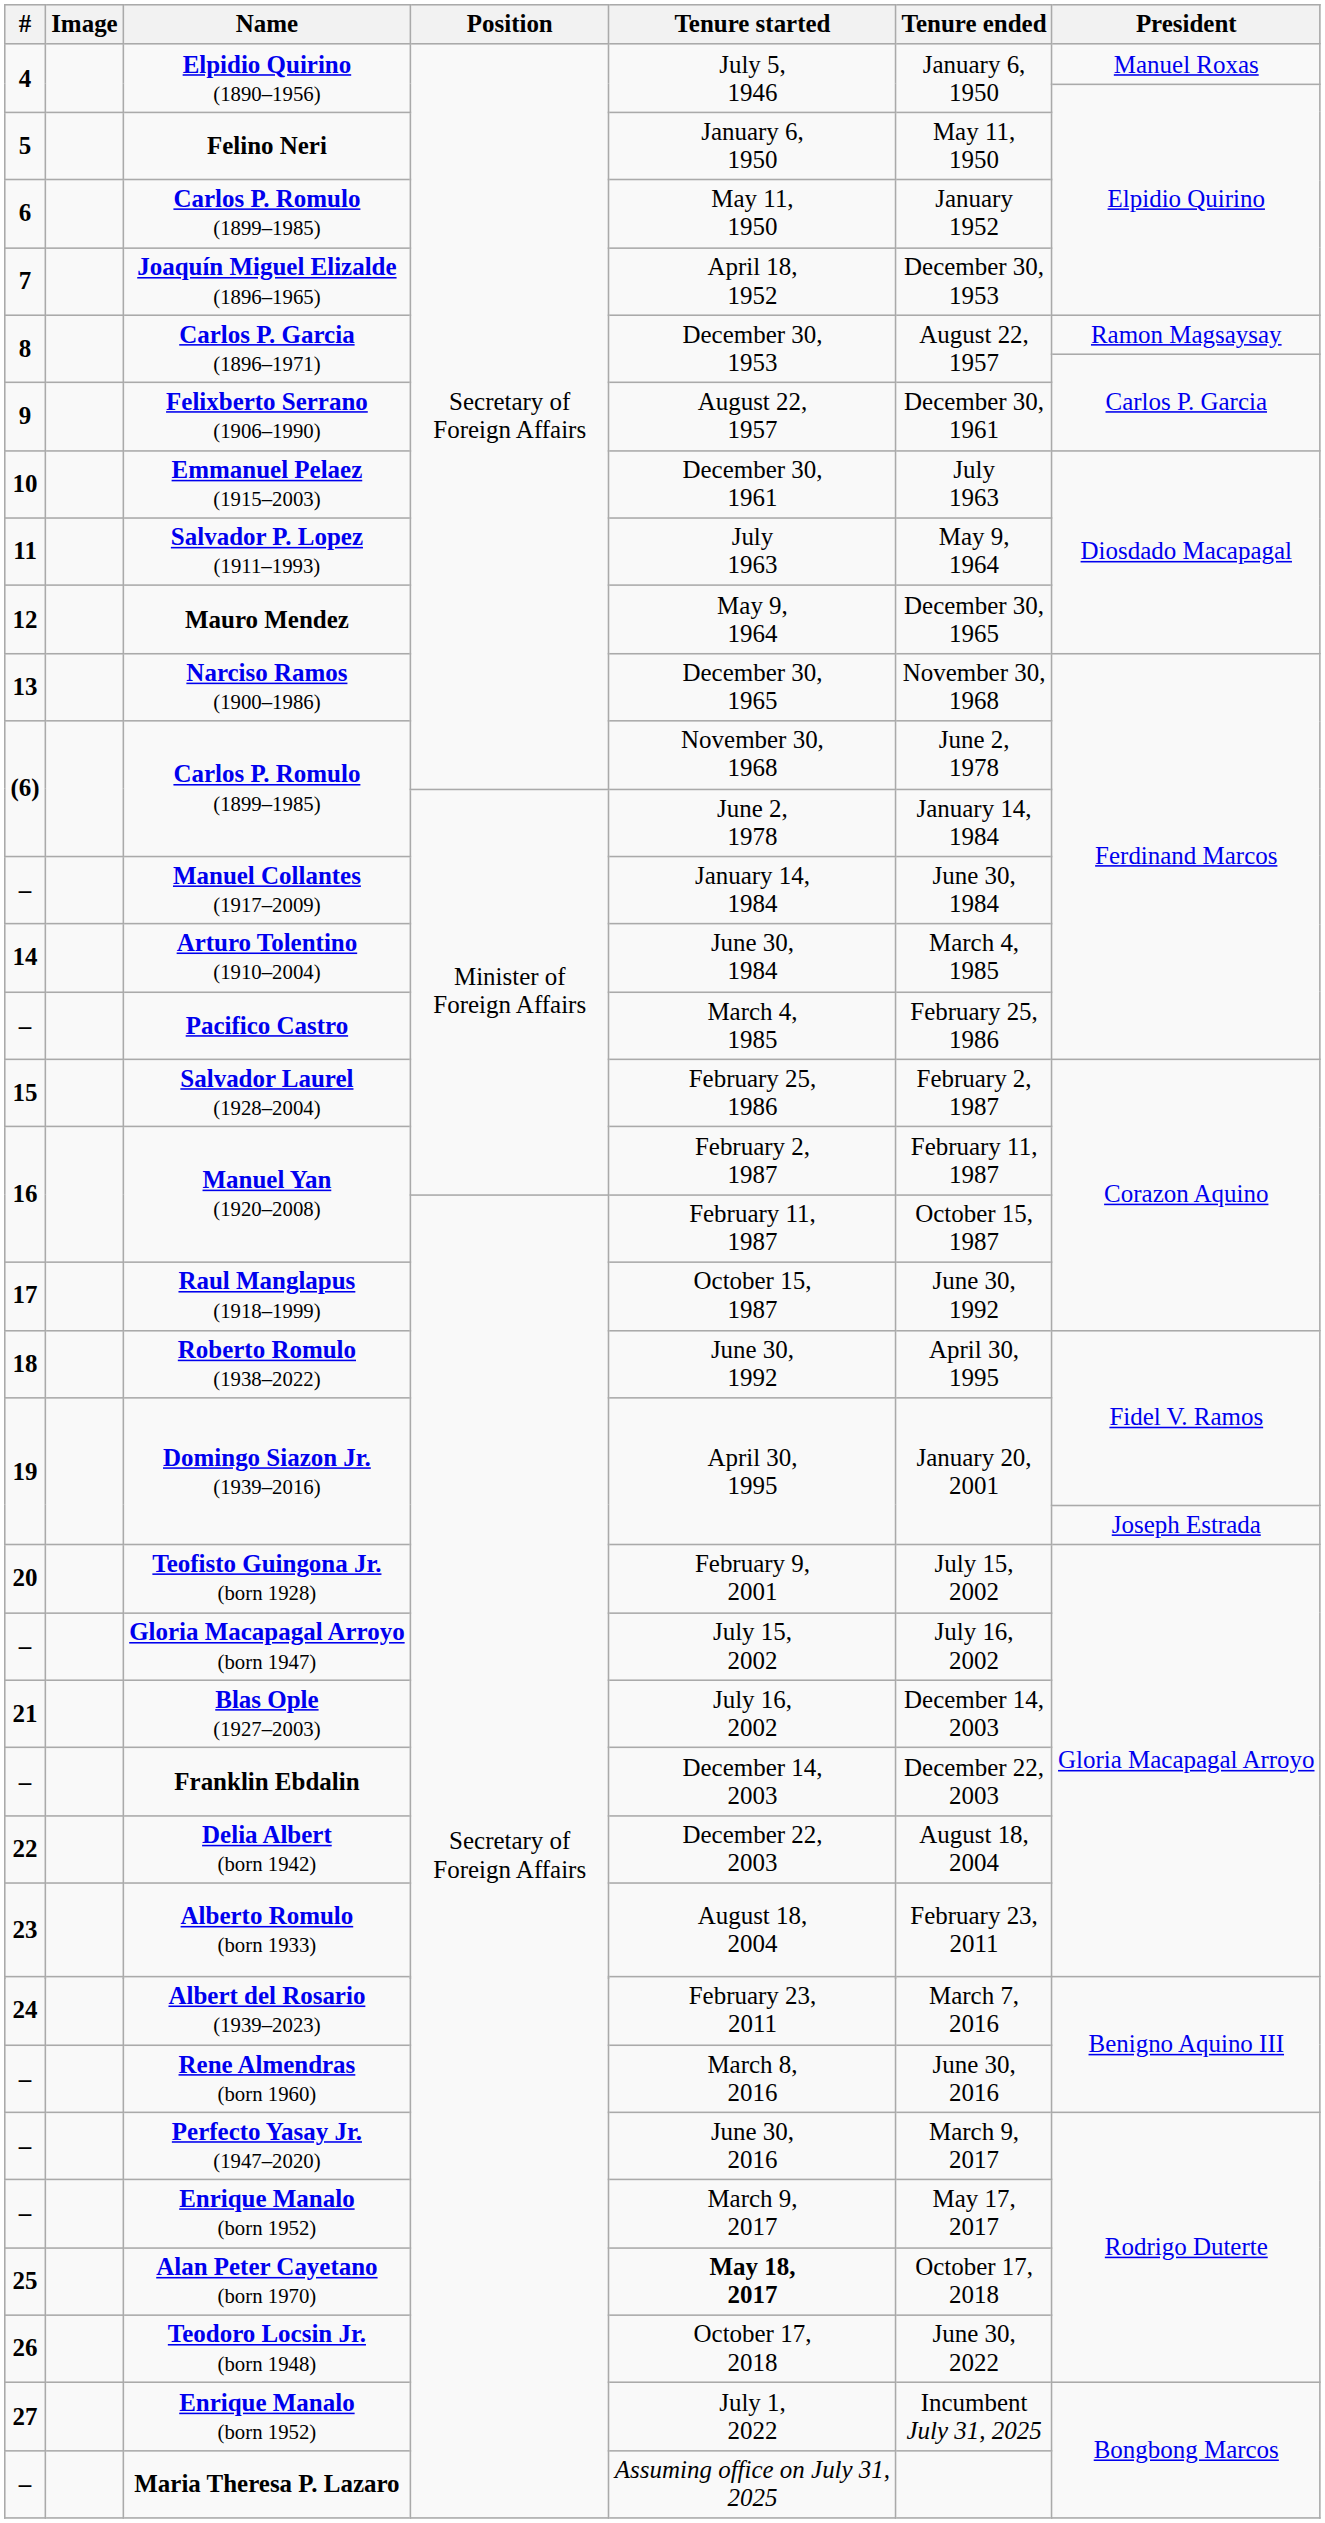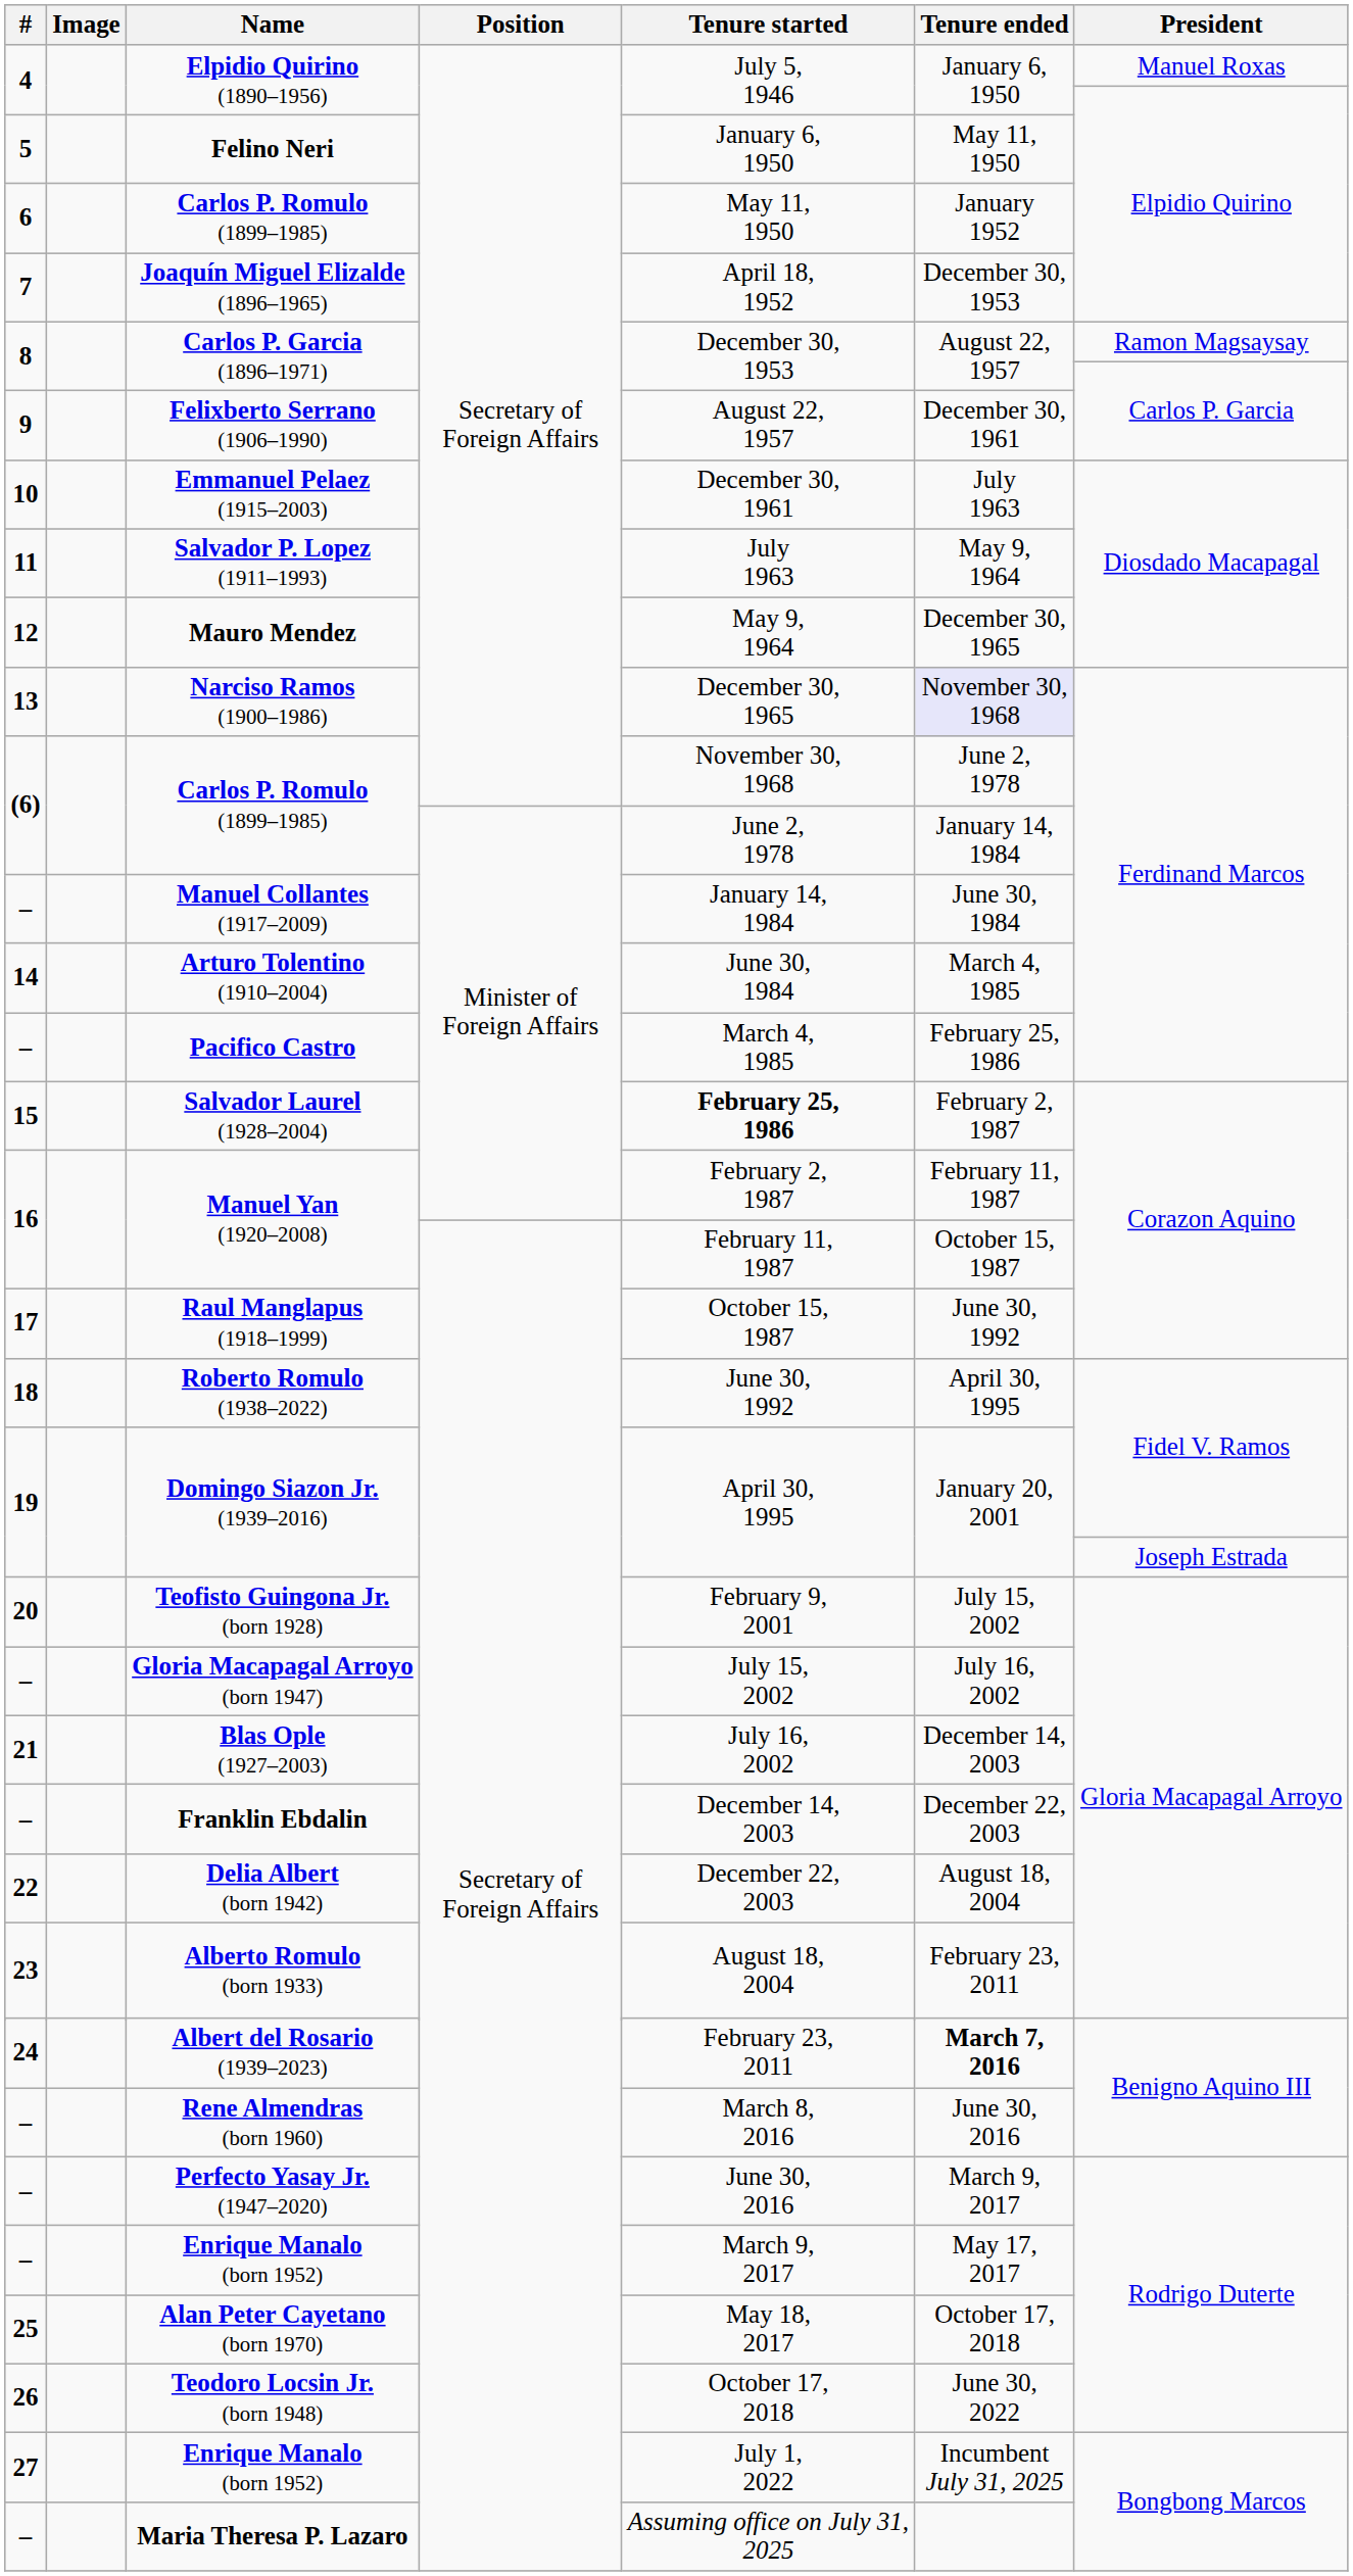 <table class="wikitable" style="text-align:center; border:1px #aaf solid;">
 <tr>
 <th>#</th>
 <th>Image</th>
 <th>Name</th>
 <th width=120px>Position</th>
 <th>Tenure started</th>
 <th>Tenure ended</th>
 <th>President</th>
 </tr>
 <tr>
 <td rowspan="2"><strong>4</strong></td>
 <td rowspan="2"></td>
 <td rowspan="2"><strong><a href='#'>Elpidio Quirino</a></strong><br><small>(1890–1956)</small></td>
 <td rowspan="13">Secretary of Foreign Affairs</td>
 <td rowspan="2">July 5,<br>1946</td>
 <td rowspan="2">January 6,<br>1950</td>
 <td><a href='#'>Manuel Roxas</a></td>
 </tr>
 <tr>
 <td rowspan="4"><a href='#'>Elpidio Quirino</a></td>
 </tr>
 <tr>
 <td><strong>5</strong></td>
 <td></td>
 <td><strong>Felino Neri</strong></td>
 <td>January 6,<br>1950</td>
 <td>May 11,<br>1950</td>
 </tr>
 <tr>
 <td><strong>6</strong></td>
 <td></td>
 <td><strong><a href='#'>Carlos P. Romulo</a></strong><br><small>(1899–1985)</small></td>
 <td>May 11,<br>1950</td>
 <td>January <br>1952</td>
 </tr>
 <tr>
 <td><strong>7</strong></td>
 <td></td>
 <td><strong><a href='#'>Joaquín Miguel Elizalde</a></strong><br><small>(1896–1965)</small></td>
 <td>April 18,<br>1952</td>
 <td>December 30,<br>1953</td>
 </tr>
 <tr>
 <td rowspan="2"><strong>8</strong></td>
 <td rowspan="2"></td>
 <td rowspan="2"><strong><a href='#'>Carlos P. Garcia</a></strong><br><small>(1896–1971)</small></td>
 <td rowspan="2">December 30,<br>1953</td>
 <td rowspan="2">August 22,<br>1957</td>
 <td><a href='#'>Ramon Magsaysay</a></td>
 </tr>
 <tr>
 <td rowspan="2"><a href='#'>Carlos P. Garcia</a></td>
 </tr>
 <tr>
 <td><strong>9</strong></td>
 <td></td>
 <td><strong><a href='#'>Felixberto Serrano</a></strong><br><small>(1906–1990)</small></td>
 <td>August 22,<br>1957</td>
 <td>December 30,<br>1961</td>
 </tr>
 <tr>
 <td><strong>10</strong></td>
 <td></td>
 <td><strong><a href='#'>Emmanuel Pelaez</a></strong><br><small>(1915–2003)</small></td>
 <td>December 30,<br>1961</td>
 <td>July<br>1963</td>
 <td rowspan="3"><a href='#'>Diosdado Macapagal</a></td>
 </tr>
 <tr>
 <td><strong>11</strong></td>
 <td></td>
 <td><strong><a href='#'>Salvador P. Lopez</a></strong><br><small>(1911–1993)</small></td>
 <td>July<br>1963</td>
 <td>May 9,<br>1964</td>
 </tr>
 <tr>
 <td><strong>12</strong></td>
 <td></td>
 <td><strong>Mauro Mendez</strong><br></td>
 <td>May 9,<br>1964</td>
 <td>December 30,<br>1965</td>
 </tr>
 <tr>
 <td><strong>13</strong></td>
 <td></td>
 <td><strong><a href='#'>Narciso Ramos</a></strong><br><small>(1900–1986)</small></td>
 <td>December 30,<br>1965</td>
-<td>November 30,<br>1968</td>
+<td style="background: lavender;">November 30,<br>1968</td>
 <td rowspan="6"><a href='#'>Ferdinand Marcos</a></td>
 </tr>
 <tr>
 <td rowspan="2"><strong>(6)</strong></td>
 <td rowspan="2"></td>
 <td rowspan="2"><strong><a href='#'>Carlos P. Romulo</a></strong><br><small>(1899–1985)</small><br></td>
 <td>November 30,<br>1968</td>
 <td>June 2,<br>1978</td>
 </tr>
 <tr>
 <td rowspan="6">Minister of Foreign Affairs</td>
 <td>June 2,<br>1978</td>
 <td>January 14,<br>1984</td>
 </tr>
 <tr>
 <td><strong>–</strong></td>
 <td></td>
 <td><strong><a href='#'>Manuel Collantes</a></strong><br><small>(1917–2009)</small></td>
 <td>January 14,<br>1984</td>
 <td>June 30,<br>1984</td>
 </tr>
 <tr>
 <td><strong>14</strong></td>
 <td></td>
 <td><strong><a href='#'>Arturo Tolentino</a></strong><br><small>(1910–2004)</small></td>
 <td>June 30,<br>1984</td>
 <td>March 4,<br>1985</td>
 </tr>
 <tr>
 <td><strong>–</strong></td>
 <td></td>
 <td><strong><a href='#'>Pacifico Castro</a></strong></td>
 <td>March 4,<br>1985</td>
 <td>February 25,<br>1986</td>
 </tr>
 <tr>
 <td><strong>15</strong></td>
 <td></td>
 <td><strong><a href='#'>Salvador Laurel</a></strong><br><small>(1928–2004)</small></td>
-<td>February 25,<br>1986</td>
+<td><strong>February 25,<br>1986</strong></td>
 <td>February 2,<br>1987</td>
 <td rowspan="4"><a href='#'>Corazon Aquino</a></td>
 </tr>
 <tr>
 <td rowspan="2"><strong>16</strong></td>
 <td rowspan="2"></td>
 <td rowspan="2"><strong><a href='#'>Manuel Yan</a></strong><br><small>(1920–2008)</small></td>
 <td>February 2,<br>1987</td>
 <td>February 11,<br>1987</td>
 </tr>
 <tr>
 <td rowspan="20">Secretary of Foreign Affairs</td>
 <td>February 11,<br>1987</td>
 <td>October 15,<br>1987</td>
 </tr>
 <tr>
 <td><strong>17</strong></td>
 <td></td>
 <td><strong><a href='#'>Raul Manglapus</a></strong><br><small>(1918–1999)</small></td>
 <td>October 15,<br>1987</td>
 <td>June 30,<br>1992</td>
 </tr>
 <tr>
 <td><strong>18</strong></td>
 <td></td>
 <td><strong><a href='#'>Roberto Romulo</a></strong><br><small>(1938–2022)</small></td>
 <td>June 30,<br>1992</td>
 <td>April 30,<br>1995</td>
 <td rowspan="2"><a href='#'>Fidel V. Ramos</a></td>
 </tr>
 <tr style="height:69px;">
 <td rowspan="2"><strong>19</strong></td>
 <td rowspan="2"></td>
 <td rowspan="2"><strong><a href='#'>Domingo Siazon Jr.</a></strong><br><small>(1939–2016)</small></td>
 <td rowspan="2">April 30,<br>1995</td>
 <td rowspan="2">January 20,<br>2001</td>
 </tr>
 <tr>
 <td><a href='#'>Joseph Estrada</a></td>
 </tr>
 <tr>
 <td><strong>20</strong></td>
 <td></td>
 <td><strong><a href='#'>Teofisto Guingona Jr.</a></strong><br><small>(born 1928)</small></td>
 <td>February 9,<br>2001</td>
 <td>July 15,<br>2002</td>
 <td rowspan="6"><a href='#'>Gloria Macapagal Arroyo</a></td>
 </tr>
 <tr>
 <td><strong>–</strong></td>
 <td></td>
 <td><strong><a href='#'>Gloria Macapagal Arroyo</a></strong><br><small>(born 1947)</small></td>
 <td>July 15,<br>2002</td>
 <td>July 16,<br>2002</td>
 </tr>
 <tr style="height:30px;">
 <td><strong>21</strong></td>
 <td></td>
 <td><strong><a href='#'>Blas Ople</a></strong><br><small>(1927–2003)</small></td>
 <td>July 16,<br>2002</td>
 <td>December 14,<br>2003</td>
 </tr>
 <tr>
 <td><strong>–</strong></td>
 <td></td>
 <td><strong>Franklin Ebdalin</strong></td>
 <td>December 14,<br>2003</td>
 <td>December 22,<br>2003</td>
 </tr>
 <tr>
 <td><strong>22</strong></td>
 <td></td>
 <td><strong><a href='#'>Delia Albert</a></strong><br><small>(born 1942)</small></td>
 <td>December 22,<br>2003</td>
 <td>August 18,<br>2004</td>
 </tr>
 <tr style="height:60px;">
 <td rowspan="2"><strong>23</strong></td>
 <td rowspan="2"></td>
 <td rowspan="2"><strong><a href='#'>Alberto Romulo</a></strong><br><small>(born 1933)</small><br></td>
 <td rowspan="2">August 18,<br>2004</td>
 <td rowspan="2">February 23,<br>2011</td>
 </tr>
 <tr>
 <td rowspan="3"><a href='#'>Benigno Aquino III</a></td>
 </tr>
 <tr>
 <td><strong>24</strong></td>
 <td></td>
 <td><strong><a href='#'>Albert del Rosario</a></strong><br><small>(1939–2023)</small><br></td>
 <td>February 23,<br>2011</td>
-<td>March 7,<br>2016</td>
+<td><strong>March 7,<br>2016</strong></td>
 </tr>
 <tr>
 <td><strong>–</strong></td>
 <td></td>
 <td><strong><a href='#'>Rene Almendras</a></strong><br><small>(born 1960)</small></td>
 <td>March 8,<br>2016</td>
 <td>June 30,<br>2016</td>
 </tr>
 <tr>
 <td><strong>–</strong></td>
 <td></td>
 <td><strong><a href='#'>Perfecto Yasay Jr.</a></strong><br><small>(1947–2020)</small><br></td>
 <td>June 30,<br>2016</td>
 <td>March 9,<br>2017</td>
 <td rowspan="4"><a href='#'>Rodrigo Duterte</a></td>
 </tr>
 <tr>
 <td><strong>–</strong></td>
 <td></td>
 <td><strong><a href='#'>Enrique Manalo</a></strong><br><small>(born 1952)</small><br></td>
 <td>March 9,<br>2017</td>
 <td>May 17,<br>2017</td>
 </tr>
 <tr>
 <td><strong>25</strong></td>
 <td></td>
 <td><strong><a href='#'>Alan Peter Cayetano</a></strong><br><small>(born 1970)</small><br></td>
-<td><strong>May 18,<br>2017</strong></td>
+<td>May 18,<br>2017</td>
 <td>October 17,<br>2018</td>
 </tr>
 <tr>
 <td><strong>26</strong></td>
 <td></td>
 <td><strong><a href='#'>Teodoro Locsin Jr.</a></strong><br><small>(born 1948)</small><br></td>
 <td>October 17,<br>2018</td>
 <td>June 30,<br>2022</td>
 </tr>
 <tr>
 <td><strong>27</strong></td>
 <td></td>
 <td><strong><a href='#'>Enrique Manalo</a></strong><br><small>(born 1952)</small><br></td>
 <td>July 1,<br>2022</td>
 <td>Incumbent<br> <em>July 31, 2025</em></td>
 <td rowspan="2"><a href='#'>Bongbong Marcos</a></td>
 </tr>
 <tr>
 <td><strong>–</strong></td>
 <td></td>
 <td><strong>Maria Theresa P. Lazaro</strong></td>
 <td><em>Assuming office on July 31,<br>2025</em></td>
 <td></td>
 </tr>
 </table>
